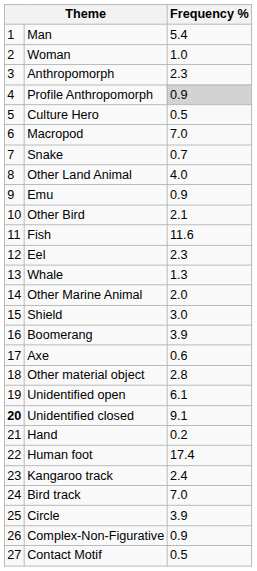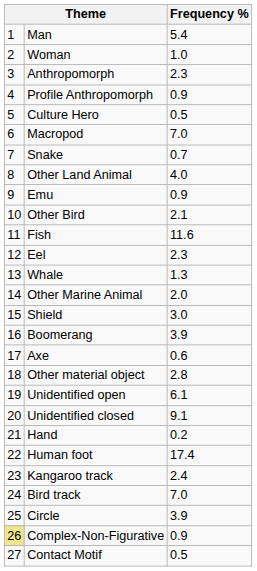 <table class="wikitable sortable">
 <tr>
 <th colspan="2"><strong>Theme</strong></th>
 <th>Frequency %</th>
 </tr>
 <tr>
 <td>1</td>
 <td>Man</td>
 <td>5.4</td>
 </tr>
 <tr>
 <td>2</td>
 <td>Woman</td>
 <td>1.0</td>
 </tr>
 <tr>
 <td>3</td>
 <td>Anthropomorph</td>
 <td>2.3</td>
 </tr>
 <tr>
 <td>4</td>
 <td>Profile Anthropomorph</td>
-<td style="background: lightgrey;">0.9</td>
+<td>0.9</td>
 </tr>
 <tr>
 <td>5</td>
 <td>Culture Hero</td>
 <td>0.5</td>
 </tr>
 <tr>
 <td>6</td>
 <td>Macropod</td>
 <td>7.0</td>
 </tr>
 <tr>
 <td>7</td>
 <td>Snake</td>
 <td>0.7</td>
 </tr>
 <tr>
 <td>8</td>
 <td>Other Land Animal</td>
 <td>4.0</td>
 </tr>
 <tr>
 <td>9</td>
 <td>Emu</td>
 <td>0.9</td>
 </tr>
 <tr>
 <td>10</td>
 <td>Other Bird</td>
 <td>2.1</td>
 </tr>
 <tr>
 <td>11</td>
 <td>Fish</td>
 <td>11.6</td>
 </tr>
 <tr>
 <td>12</td>
 <td>Eel</td>
 <td>2.3</td>
 </tr>
 <tr>
 <td>13</td>
 <td>Whale</td>
 <td>1.3</td>
 </tr>
 <tr>
 <td>14</td>
 <td>Other Marine Animal</td>
 <td>2.0</td>
 </tr>
 <tr>
 <td>15</td>
 <td>Shield</td>
 <td>3.0</td>
 </tr>
 <tr>
 <td>16</td>
 <td>Boomerang</td>
 <td>3.9</td>
 </tr>
 <tr>
 <td>17</td>
 <td>Axe</td>
 <td>0.6</td>
 </tr>
 <tr>
 <td>18</td>
 <td>Other material object</td>
 <td>2.8</td>
 </tr>
 <tr>
 <td>19</td>
 <td>Unidentified open</td>
 <td>6.1</td>
 </tr>
 <tr>
-<td><strong>20</strong></td>
+<td>20</td>
 <td>Unidentified closed</td>
 <td>9.1</td>
 </tr>
 <tr>
 <td>21</td>
 <td>Hand</td>
 <td>0.2</td>
 </tr>
 <tr>
 <td>22</td>
 <td>Human foot</td>
 <td>17.4</td>
 </tr>
 <tr>
 <td>23</td>
 <td>Kangaroo track</td>
 <td>2.4</td>
 </tr>
 <tr>
 <td>24</td>
 <td>Bird track</td>
 <td>7.0</td>
 </tr>
 <tr>
 <td>25</td>
 <td>Circle</td>
 <td>3.9</td>
 </tr>
 <tr>
-<td>26</td>
+<td style="background: khaki;">26</td>
 <td>Complex-Non-Figurative</td>
 <td>0.9</td>
 </tr>
 <tr>
 <td>27</td>
 <td>Contact Motif</td>
 <td>0.5</td>
 </tr>
 </table>
